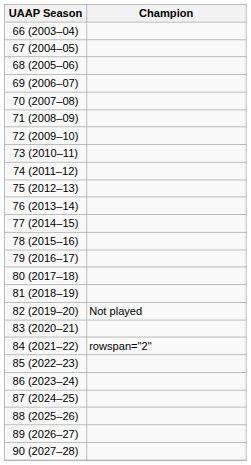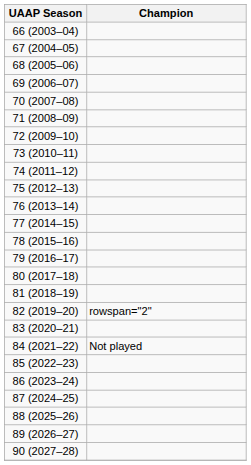 <table class="wikitable" style="font-size:90%;">
 <tr>
 <th width=100px><strong>UAAP Season</strong></th>
 <th width=200px><strong>Champion</strong></th>
 </tr>
 <tr>
 <td align=center>66 (2003–04)</td>
 <td></td>
 </tr>
 <tr>
 <td align=center>67 (2004–05)</td>
 <td></td>
 </tr>
 <tr>
 <td align=center>68 (2005–06)</td>
 <td></td>
 </tr>
 <tr>
 <td align=center>69 (2006–07)</td>
 <td></td>
 </tr>
 <tr>
 <td align=center>70 (2007–08)</td>
 <td></td>
 </tr>
 <tr>
 <td align=center>71 (2008–09)</td>
 <td></td>
 </tr>
 <tr>
 <td align=center>72 (2009–10)</td>
 <td></td>
 </tr>
 <tr>
 <td align=center>73 (2010–11)</td>
 <td></td>
 </tr>
 <tr>
 <td align=center>74 (2011–12)</td>
 <td></td>
 </tr>
 <tr>
 <td align=center>75 (2012–13)</td>
 <td></td>
 </tr>
 <tr>
 <td align=center>76 (2013–14)</td>
 <td></td>
 </tr>
 <tr>
 <td align=center>77 (2014–15)</td>
 <td></td>
 </tr>
 <tr>
 <td align=center>78 (2015–16)</td>
 <td></td>
 </tr>
 <tr>
 <td align=center>79 (2016–17)</td>
 <td></td>
 </tr>
 <tr>
 <td align=center>80 (2017–18)</td>
 <td></td>
 </tr>
 <tr>
 <td align=center>81 (2018–19)</td>
 <td></td>
 </tr>
 <tr>
 <td align=center>82 (2019–20)</td>
-<td>Not played</td>
+<td>rowspan="2" </td>
 </tr>
 <tr>
 <td align=center>83 (2020–21)</td>
 </tr>
 <tr>
 <td align=center>84 (2021–22)</td>
-<td>rowspan="2" </td>
+<td>Not played</td>
 </tr>
 <tr>
 <td align=center>85 (2022–23)</td>
 <td><br></td>
 </tr>
 <tr>
 <td align=center>86 (2023–24)</td>
 <td><br></td>
 </tr>
 <tr>
 <td align=center>87 (2024–25)</td>
 <td><br></td>
 </tr>
 <tr>
 <td align=center>88 (2025–26)</td>
 <td></td>
 </tr>
 <tr>
 <td align=center>89 (2026–27)</td>
 <td></td>
 </tr>
 <tr>
 <td align=center>90 (2027–28)</td>
 <td></td>
 </tr>
 <tr>
 </tr>
 </table>
